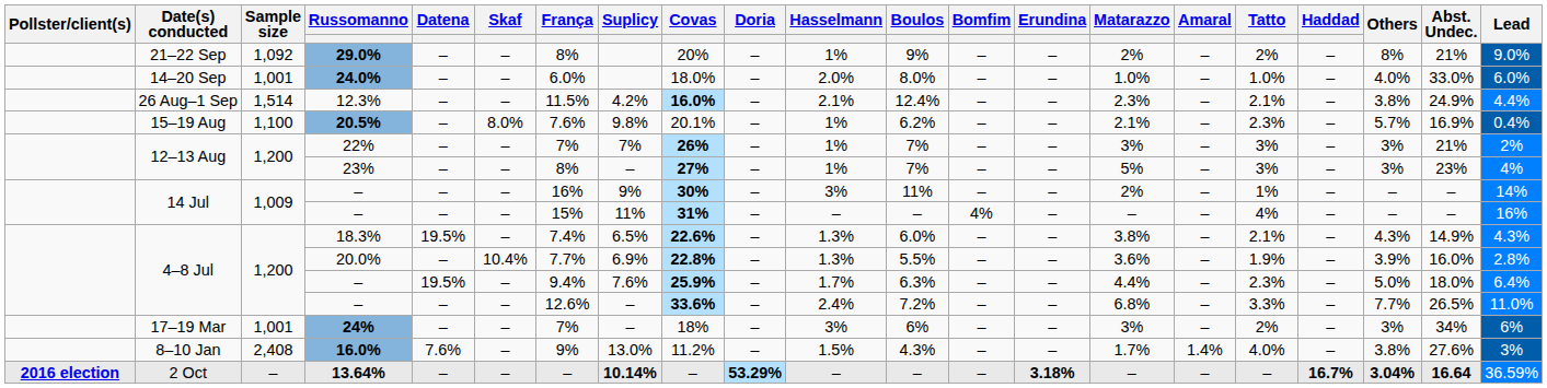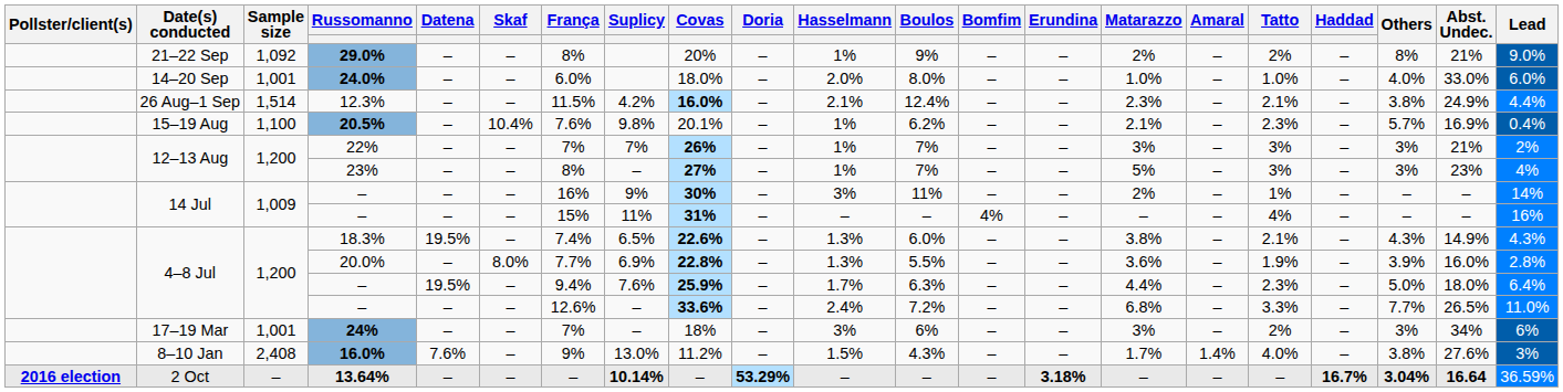 <table class="wikitable sortable" style="text-align:center;font-size:90%;line-height:14px;">
 <tr>
 <th rowspan="2">Pollster/client(s)</th>
 <th rowspan="2">Date(s)<br>conducted</th>
 <th rowspan="2" data-sort-type="number">Sample<br>size</th>
 <th class="unsortable" style="width:50px;"><a href='#'>Russomanno</a><br></th>
 <th class="unsortable" style="width:50px;"><a href='#'>Datena</a><br></th>
 <th class="unsortable" style="width:50px;"><a href='#'>Skaf</a><br></th>
 <th class="unsortable" style="width:50px;"><a href='#'>França</a><br></th>
 <th class="unsortable" style="width:50px;"><a href='#'>Suplicy</a><br></th>
 <th class="unsortable" style="width:50px;"><a href='#'>Covas</a><br></th>
 <th class="unsortable" style="width:50px;"><a href='#'>Doria</a><br></th>
 <th class="unsortable" style="width:50px;"><a href='#'>Hasselmann</a><br></th>
 <th class="unsortable" style="width:50px;"><a href='#'>Boulos</a><br></th>
 <th class="unsortable" style="width:50px;"><a href='#'>Bomfim</a><br></th>
 <th class="unsortable" style="width:50px;"><a href='#'>Erundina</a><br></th>
 <th class="unsortable" style="width:50px;"><a href='#'>Matarazzo</a><br></th>
 <th class="unsortable" style="width:50px;"><a href='#'>Amaral</a><br></th>
 <th class="unsortable" style="width:50px;"><a href='#'>Tatto</a><br></th>
 <th class="unsortable" style="width:50px;"><a href='#'>Haddad</a><br></th>
 <th rowspan="2" class="unsortable">Others</th>
 <th rowspan="2" class="unsortable">Abst.<br>Undec.</th>
 <th rowspan="2" data-sort-type="number">Lead</th>
 </tr>
 <tr>
 <th data-sort-type="number" class="sortable" style="background:"></th>
 <th data-sort-type="number" class="sortable" style="background:"></th>
 <th data-sort-type="number" class="sortable" style="background:"></th>
 <th data-sort-type="number" class="sortable" style="background:"></th>
 <th data-sort-type="number" class="sortable" style="background:"></th>
 <th data-sort-type="number" class="sortable" style="background:"></th>
 <th data-sort-type="number" class="sortable" style="background:"></th>
 <th data-sort-type="number" class="sortable" style="background:"></th>
 <th data-sort-type="number" class="sortable" style="background:"></th>
 <th data-sort-type="number" class="sortable" style="background:"></th>
 <th data-sort-type="number" class="sortable" style="background:"></th>
 <th data-sort-type="number" class="sortable" style="background:"></th>
 <th data-sort-type="number" class="sortable" style="background:"></th>
 <th data-sort-type="number" class="sortable" style="background:"></th>
 <th data-sort-type="number" class="sortable" style="background:"></th>
 </tr>
 <tr>
 <td></td>
 <td>21–22 Sep</td>
 <td>1,092</td>
 <td style="background:#84B4DB;"><strong>29.0%</strong></td>
 <td>–</td>
 <td>–</td>
 <td>8%</td>
 <td></td>
 <td>20%</td>
 <td>–</td>
 <td>1%</td>
 <td>9%</td>
 <td>–</td>
 <td>–</td>
 <td>2%</td>
 <td>–</td>
 <td>2%</td>
 <td>–</td>
 <td>8%</td>
 <td>21%</td>
 <td style="background:#005DAA;color:#FFFFFF;">9.0%</td>
 </tr>
 <tr>
 <td></td>
 <td>14–20 Sep</td>
 <td>1,001</td>
 <td style="background:#84B4DB;"><strong>24.0%</strong></td>
 <td>–</td>
 <td>–</td>
 <td>6.0%</td>
 <td></td>
 <td>18.0%</td>
 <td>–</td>
 <td>2.0%</td>
 <td>8.0%</td>
 <td>–</td>
 <td>–</td>
 <td>1.0%</td>
 <td>–</td>
 <td>1.0%</td>
 <td>–</td>
 <td>4.0%</td>
 <td>33.0%</td>
 <td style="background:#005DAA;color:#FFFFFF;">6.0%</td>
 </tr>
 <tr>
 <td></td>
 <td>26 Aug–1 Sep</td>
 <td>1,514</td>
 <td>12.3%</td>
 <td>–</td>
 <td>–</td>
 <td>11.5%</td>
 <td>4.2%</td>
 <td style="background:#B3E0FF;"><strong>16.0%</strong></td>
 <td>–</td>
 <td>2.1%</td>
 <td>12.4%</td>
 <td>–</td>
 <td>–</td>
 <td>2.3%</td>
 <td>–</td>
 <td>2.1%</td>
 <td>–</td>
 <td>3.8%</td>
 <td>24.9%</td>
 <td style="background:#0080FF;color:#FFFFFF;">4.4%</td>
 </tr>
 <tr>
 <td></td>
 <td>15–19 Aug</td>
 <td>1,100</td>
 <td style="background:#84B4DB;"><strong>20.5%</strong></td>
 <td>–</td>
-<td>8.0%</td>
+<td>10.4%</td>
 <td>7.6%</td>
 <td>9.8%</td>
 <td>20.1%</td>
 <td>–</td>
 <td>1%</td>
 <td>6.2%</td>
 <td>–</td>
 <td>–</td>
 <td>2.1%</td>
 <td>–</td>
 <td>2.3%</td>
 <td>–</td>
 <td>5.7%</td>
 <td>16.9%</td>
 <td style="background:#005DAA;color:#FFFFFF;">0.4%</td>
 </tr>
 <tr>
 <td rowspan=2></td>
 <td rowspan=2>12–13 Aug</td>
 <td rowspan=2>1,200</td>
 <td>22%</td>
 <td>–</td>
 <td>–</td>
 <td>7%</td>
 <td>7%</td>
 <td style="background:#B3E0FF;"><strong>26%</strong></td>
 <td>–</td>
 <td>1%</td>
 <td>7%</td>
 <td>–</td>
 <td>–</td>
 <td>3%</td>
 <td>–</td>
 <td>3%</td>
 <td>–</td>
 <td>3%</td>
 <td>21%</td>
 <td style="background:#0080FF;color:#FFFFFF;">2%</td>
 </tr>
 <tr>
 <td>23%</td>
 <td>–</td>
 <td>–</td>
 <td>8%</td>
 <td>–</td>
 <td style="background:#B3E0FF;"><strong>27%</strong></td>
 <td>–</td>
 <td>1%</td>
 <td>7%</td>
 <td>–</td>
 <td>–</td>
 <td>5%</td>
 <td>–</td>
 <td>3%</td>
 <td>–</td>
 <td>3%</td>
 <td>23%</td>
 <td style="background:#0080FF;color:#FFFFFF;">4%</td>
 </tr>
 <tr>
 <td rowspan=2></td>
 <td rowspan=2>14 Jul</td>
 <td rowspan=2>1,009</td>
 <td>–</td>
 <td>–</td>
 <td>–</td>
 <td>16%</td>
 <td>9%</td>
 <td style="background:#B3E0FF;"><strong>30%</strong></td>
 <td>–</td>
 <td>3%</td>
 <td>11%</td>
 <td>–</td>
 <td>–</td>
 <td>2%</td>
 <td>–</td>
 <td>1%</td>
 <td>–</td>
 <td>–</td>
 <td>–</td>
 <td style="background:#0080FF;color:#FFFFFF;">14%</td>
 </tr>
 <tr>
 <td>–</td>
 <td>–</td>
 <td>–</td>
 <td>15%</td>
 <td>11%</td>
 <td style="background:#B3E0FF;"><strong>31%</strong></td>
 <td>–</td>
 <td>–</td>
 <td>–</td>
 <td>4%</td>
 <td>–</td>
 <td>–</td>
 <td>–</td>
 <td>4%</td>
 <td>–</td>
 <td>–</td>
 <td>–</td>
 <td style="background:#0080FF;color:#FFFFFF;">16%</td>
 </tr>
 <tr>
 <td rowspan=4></td>
 <td rowspan=4>4–8 Jul</td>
 <td rowspan=4>1,200</td>
 <td>18.3%</td>
 <td>19.5%</td>
 <td>–</td>
 <td>7.4%</td>
 <td>6.5%</td>
 <td style="background:#B3E0FF;"><strong>22.6%</strong></td>
 <td>–</td>
 <td>1.3%</td>
 <td>6.0%</td>
 <td>–</td>
 <td>–</td>
 <td>3.8%</td>
 <td>–</td>
 <td>2.1%</td>
 <td>–</td>
 <td>4.3%</td>
 <td>14.9%</td>
 <td style="background:#0080FF;color:#FFFFFF;">4.3%</td>
 </tr>
 <tr>
 <td>20.0%</td>
 <td>–</td>
-<td>10.4%</td>
+<td>8.0%</td>
 <td>7.7%</td>
 <td>6.9%</td>
 <td style="background:#B3E0FF;"><strong>22.8%</strong></td>
 <td>–</td>
 <td>1.3%</td>
 <td>5.5%</td>
 <td>–</td>
 <td>–</td>
 <td>3.6%</td>
 <td>–</td>
 <td>1.9%</td>
 <td>–</td>
 <td>3.9%</td>
 <td>16.0%</td>
 <td style="background:#0080FF;color:#FFFFFF;">2.8%</td>
 </tr>
 <tr>
 <td>–</td>
 <td>19.5%</td>
 <td>–</td>
 <td>9.4%</td>
 <td>7.6%</td>
 <td style="background:#B3E0FF;"><strong>25.9%</strong></td>
 <td>–</td>
 <td>1.7%</td>
 <td>6.3%</td>
 <td>–</td>
 <td>–</td>
 <td>4.4%</td>
 <td>–</td>
 <td>2.3%</td>
 <td>–</td>
 <td>5.0%</td>
 <td>18.0%</td>
 <td style="background:#0080FF;color:#FFFFFF;">6.4%</td>
 </tr>
 <tr>
 <td>–</td>
 <td>–</td>
 <td>–</td>
 <td>12.6%</td>
 <td>–</td>
 <td style="background:#B3E0FF;"><strong>33.6%</strong></td>
 <td>–</td>
 <td>2.4%</td>
 <td>7.2%</td>
 <td>–</td>
 <td>–</td>
 <td>6.8%</td>
 <td>–</td>
 <td>3.3%</td>
 <td>–</td>
 <td>7.7%</td>
 <td>26.5%</td>
 <td style="background:#0080FF;color:#FFFFFF;">11.0%</td>
 </tr>
 <tr>
 <td></td>
 <td>17–19 Mar</td>
 <td>1,001</td>
 <td style="background:#84B4DB;"><strong>24%</strong></td>
 <td>–</td>
 <td>–</td>
 <td>7%</td>
 <td>–</td>
 <td>18%</td>
 <td>–</td>
 <td>3%</td>
 <td>6%</td>
 <td>–</td>
 <td>–</td>
 <td>3%</td>
 <td>–</td>
 <td>2%</td>
 <td>–</td>
 <td>3%</td>
 <td>34%</td>
 <td style="background:#005DAA;color:#FFFFFF;">6%</td>
 </tr>
 <tr>
 <td></td>
 <td>8–10 Jan</td>
 <td>2,408</td>
 <td style="background:#84B4DB;"><strong>16.0%</strong></td>
 <td>7.6%</td>
 <td>–</td>
 <td>9%</td>
 <td>13.0%</td>
 <td>11.2%</td>
 <td>–</td>
 <td>1.5%</td>
 <td>4.3%</td>
 <td>–</td>
 <td>–</td>
 <td>1.7%</td>
 <td>1.4%</td>
 <td>4.0%</td>
 <td>–</td>
 <td>3.8%</td>
 <td>27.6%</td>
 <td style="background:#005DAA;color:#FFFFFF;">3%</td>
 </tr>
 <tr style="background:#E9E9E9;">
 <td><a href='#'><strong>2016 election</strong></a></td>
 <td>2 Oct</td>
 <td>–</td>
 <td><strong>13.64%</strong></td>
 <td>–</td>
 <td>–</td>
 <td>–</td>
 <td><strong>10.14%</strong></td>
 <td>–</td>
 <td style="background:#B3E0FF;"><strong>53.29%</strong></td>
 <td>–</td>
 <td>–</td>
 <td>–</td>
 <td><strong>3.18%</strong></td>
 <td>–</td>
 <td>–</td>
 <td>–</td>
 <td><strong>16.7%</strong></td>
 <td><strong>3.04%</strong></td>
 <td><strong>16.64</strong></td>
 <td style="background:#0080FF;color:#FFFFFF;">36.59%</td>
 </tr>
 </table>
